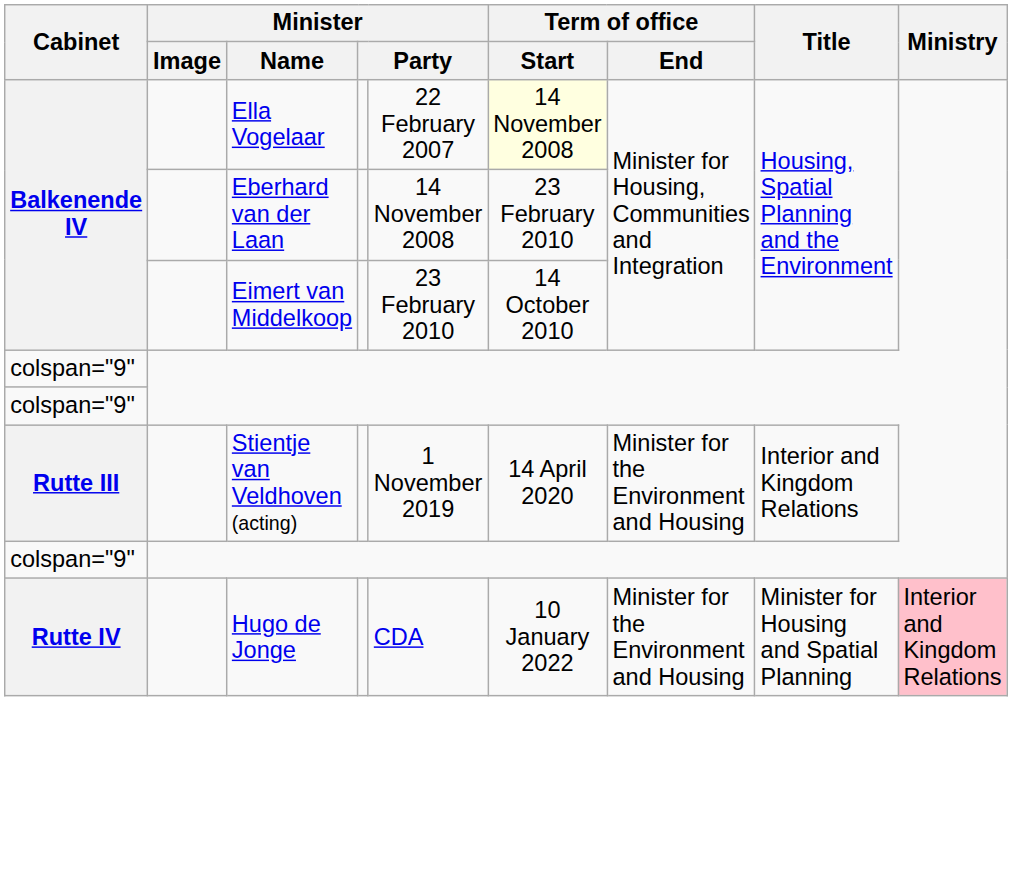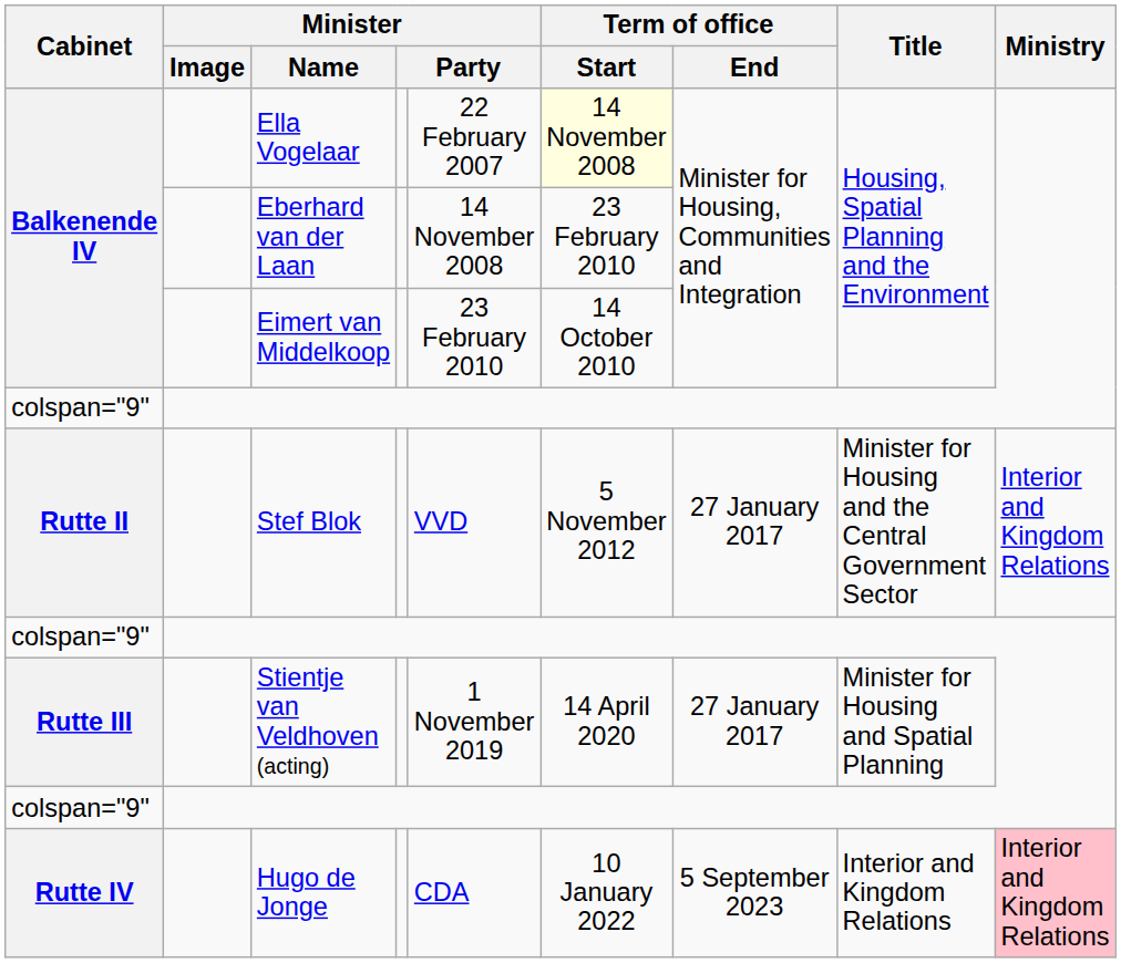 <table class="wikitable plainrowheaders">
 <tr>
 <th rowspan="2">Cabinet</th>
 <th colspan="4">Minister</th>
 <th colspan="2">Term of office</th>
 <th rowspan="2" width="150px">Title</th>
 <th rowspan="2" width="150px">Ministry</th>
 </tr>
 <tr>
 <th width="1px">Image</th>
 <th>Name</th>
 <th colspan="2">Party</th>
 <th>Start</th>
 <th>End</th>
 </tr>
 <tr>
 <th rowspan="3" scope="row"><a href='#'>Balkenende IV</a></th>
 <td></td>
 <td><a href='#'>Ella Vogelaar</a></td>
 <td></td>
 <td style="text-align:center">22 February 2007</td>
 <td style="background: lightyellow; text-align:center">14 November 2008</td>
 <td rowspan="3">Minister for Housing, Communities and Integration</td>
 <td rowspan="3"><a href='#'>Housing, Spatial Planning and the Environment</a></td>
 </tr>
 <tr>
 <td></td>
 <td><a href='#'>Eberhard van der Laan</a></td>
 <td></td>
 <td style="text-align:center">14 November 2008</td>
 <td style="text-align:center">23 February 2010</td>
 </tr>
 <tr>
 <td></td>
 <td><a href='#'>Eimert van Middelkoop</a></td>
 <td></td>
 <td style="text-align:center">23 February 2010</td>
 <td style="text-align:center">14 October 2010</td>
 </tr>
 <tr>
 <td>colspan="9" </td>
 </tr>
 <tr>
+<th scope="row"><a href='#'>Rutte II</a></th>
+<td></td>
+<td><a href='#'>Stef Blok</a></td>
+<td style="background:"></td>
+<td><a href='#'>VVD</a></td>
+<td style="text-align:center">5 November 2012</td>
+<td style="text-align:center">27 January 2017</td>
+<td>Minister for Housing and the Central Government Sector</td>
+<td><a href='#'>Interior and Kingdom Relations</a></td>
+</tr>
+<tr>
 <td>colspan="9" </td>
 </tr>
 <tr>
 <th scope="row"><a href='#'>Rutte III</a></th>
 <td></td>
 <td><a href='#'>Stientje van Veldhoven</a> <small>(acting)</small></td>
 <td></td>
 <td style="text-align:center">1 November 2019</td>
 <td style="text-align:center">14 April 2020</td>
-<td>Minister for the Environment and Housing</td>
-<td>Interior and Kingdom Relations</td>
+<td style="text-align:center">27 January 2017</td>
+<td>Minister for Housing and Spatial Planning</td>
 </tr>
 <tr>
 <td>colspan="9" </td>
 </tr>
 <tr>
 <th scope="row"><a href='#'>Rutte IV</a></th>
 <td></td>
 <td><a href='#'>Hugo de Jonge</a></td>
 <td style="background:"></td>
 <td><a href='#'>CDA</a></td>
 <td style="text-align:center">10 January 2022</td>
-<td>Minister for the Environment and Housing</td>
-<td>Minister for Housing and Spatial Planning</td>
+<td style="text-align:center">5 September 2023</td>
+<td>Interior and Kingdom Relations</td>
 <td style="background: pink;">Interior and Kingdom Relations</td>
 </tr>
 </table>
